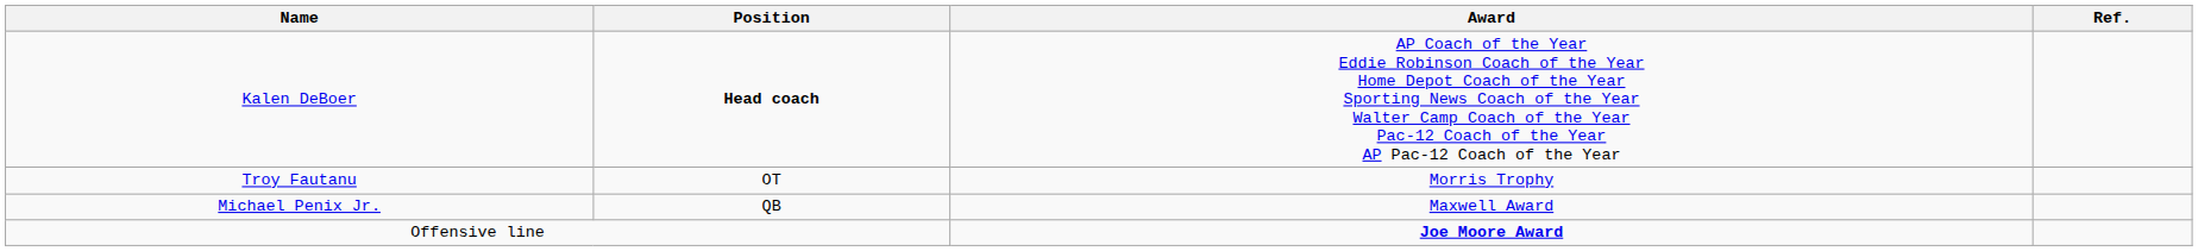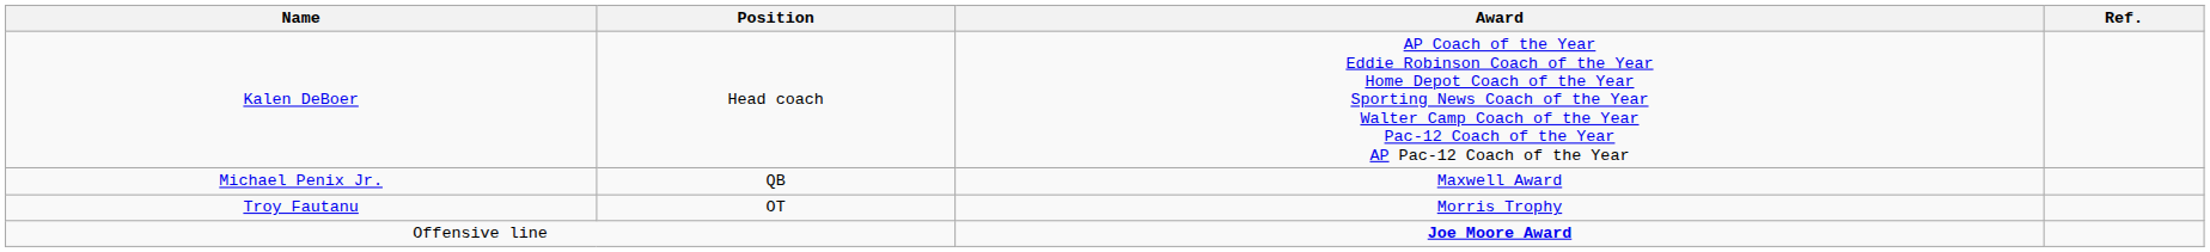 <table class="wikitable" style="width: 90%;text-align: center;">
 <tr>
 <th>Name</th>
 <th>Position</th>
 <th>Award</th>
 <th>Ref.</th>
 </tr>
 <tr align="center">
 <td><a href='#'>Kalen DeBoer</a></td>
-<td><strong>Head coach</strong></td>
+<td>Head coach</td>
 <td><a href='#'>AP Coach of the Year</a> <br> <a href='#'>Eddie Robinson Coach of the Year</a> <br> <a href='#'>Home Depot Coach of the Year</a> <br> <a href='#'>Sporting News Coach of the Year</a> <br> <a href='#'>Walter Camp Coach of the Year</a> <br> <a href='#'>Pac-12 Coach of the Year</a> <br> <a href='#'>AP</a> Pac-12 Coach of the Year</td>
+<td></td>
+</tr>
+<tr>
+<td><a href='#'>Michael Penix Jr.</a></td>
+<td>QB</td>
+<td><a href='#'>Maxwell Award</a></td>
 <td></td>
 </tr>
 <tr>
 <td><a href='#'>Troy Fautanu</a></td>
 <td>OT</td>
 <td><a href='#'>Morris Trophy</a></td>
 <td></td>
 </tr>
 <tr>
-<td><a href='#'>Michael Penix Jr.</a></td>
-<td>QB</td>
-<td><a href='#'>Maxwell Award</a></td>
-<td></td>
-</tr>
-<tr>
 <td colspan="2">Offensive line</td>
 <td><strong><a href='#'>Joe Moore Award</a></strong></td>
 <td></td>
 </tr>
 </table>
